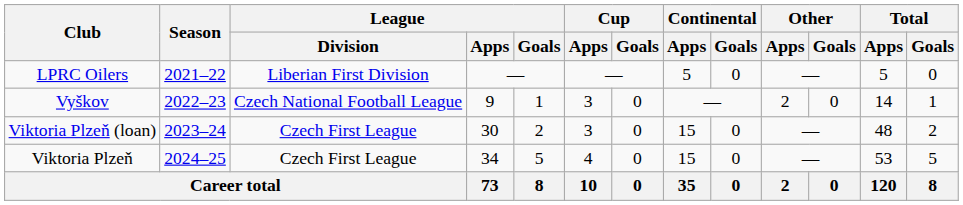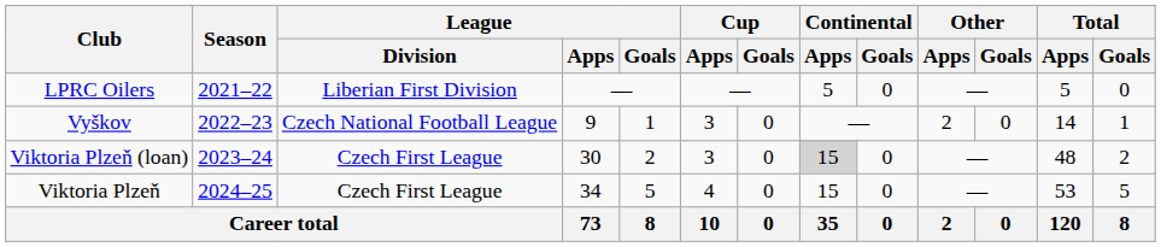 <table class="wikitable" style="text-align:center">
 <tr>
 <th rowspan=2>Club</th>
 <th rowspan=2>Season</th>
 <th colspan=3>League</th>
 <th colspan=2>Cup</th>
 <th colspan=2>Continental</th>
 <th colspan=2>Other</th>
 <th colspan=2>Total</th>
 </tr>
 <tr>
 <th>Division</th>
 <th>Apps</th>
 <th>Goals</th>
 <th>Apps</th>
 <th>Goals</th>
 <th>Apps</th>
 <th>Goals</th>
 <th>Apps</th>
 <th>Goals</th>
 <th>Apps</th>
 <th>Goals</th>
 </tr>
 <tr>
 <td><a href='#'>LPRC Oilers</a></td>
 <td><a href='#'>2021–22</a></td>
 <td><a href='#'>Liberian First Division</a></td>
 <td colspan="2">—</td>
 <td colspan="2">—</td>
 <td>5</td>
 <td>0</td>
 <td colspan="2">—</td>
 <td>5</td>
 <td>0</td>
 </tr>
 <tr>
 <td><a href='#'>Vyškov</a></td>
 <td><a href='#'>2022–23</a></td>
 <td><a href='#'>Czech National Football League</a></td>
 <td>9</td>
 <td>1</td>
 <td>3</td>
 <td>0</td>
 <td colspan="2">—</td>
 <td>2</td>
 <td>0</td>
 <td>14</td>
 <td>1</td>
 </tr>
 <tr>
 <td><a href='#'>Viktoria Plzeň</a> (loan)</td>
 <td><a href='#'>2023–24</a></td>
 <td><a href='#'>Czech First League</a></td>
 <td>30</td>
 <td>2</td>
 <td>3</td>
 <td>0</td>
-<td>15</td>
+<td style="background: lightgrey;">15</td>
 <td>0</td>
 <td colspan="2">—</td>
 <td>48</td>
 <td>2</td>
 </tr>
 <tr>
 <td>Viktoria Plzeň</td>
 <td><a href='#'>2024–25</a></td>
 <td>Czech First League</td>
 <td>34</td>
 <td>5</td>
 <td>4</td>
 <td>0</td>
 <td>15</td>
 <td>0</td>
 <td colspan="2">—</td>
 <td>53</td>
 <td>5</td>
 </tr>
 <tr>
 <th colspan="3">Career total</th>
 <th>73</th>
 <th>8</th>
 <th>10</th>
 <th>0</th>
 <th>35</th>
 <th>0</th>
 <th>2</th>
 <th>0</th>
 <th>120</th>
 <th>8</th>
 </tr>
 </table>
